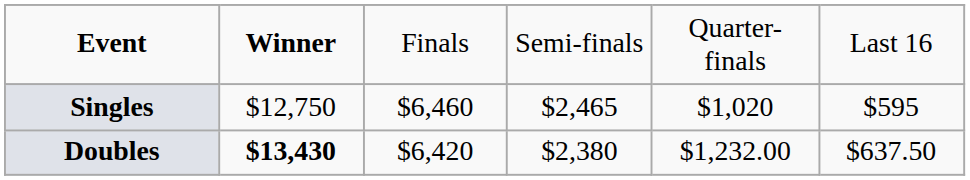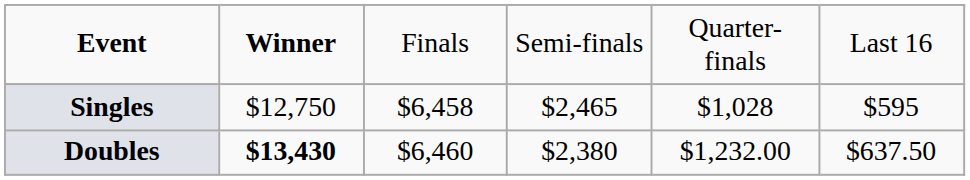 <table class=wikitable style="font-size:90%;text-align:center">
 <tr>
 <td style="width:104px;"><strong>Event</strong></td>
 <td style="width:68px;"><strong>Winner</strong></td>
 <td style="width:68px;">Finals</td>
 <td style="width:68px;">Semi-finals</td>
 <td style="width:80px;">Quarter-finals</td>
 <td style="width:68px;">Last 16</td>
 </tr>
 <tr>
 <td style="background:#dfe2e9;"><strong>Singles</strong></td>
 <td>$12,750</td>
-<td>$6,460</td>
+<td>$6,458</td>
 <td>$2,465</td>
-<td>$1,020</td>
+<td>$1,028</td>
 <td>$595</td>
 </tr>
 <tr>
 <td style="background:#dfe2e9;"><strong>Doubles</strong></td>
 <td><strong>$13,430</strong></td>
-<td>$6,420</td>
+<td>$6,460</td>
 <td>$2,380</td>
 <td>$1,232.00</td>
 <td>$637.50</td>
 </tr>
 </table>
